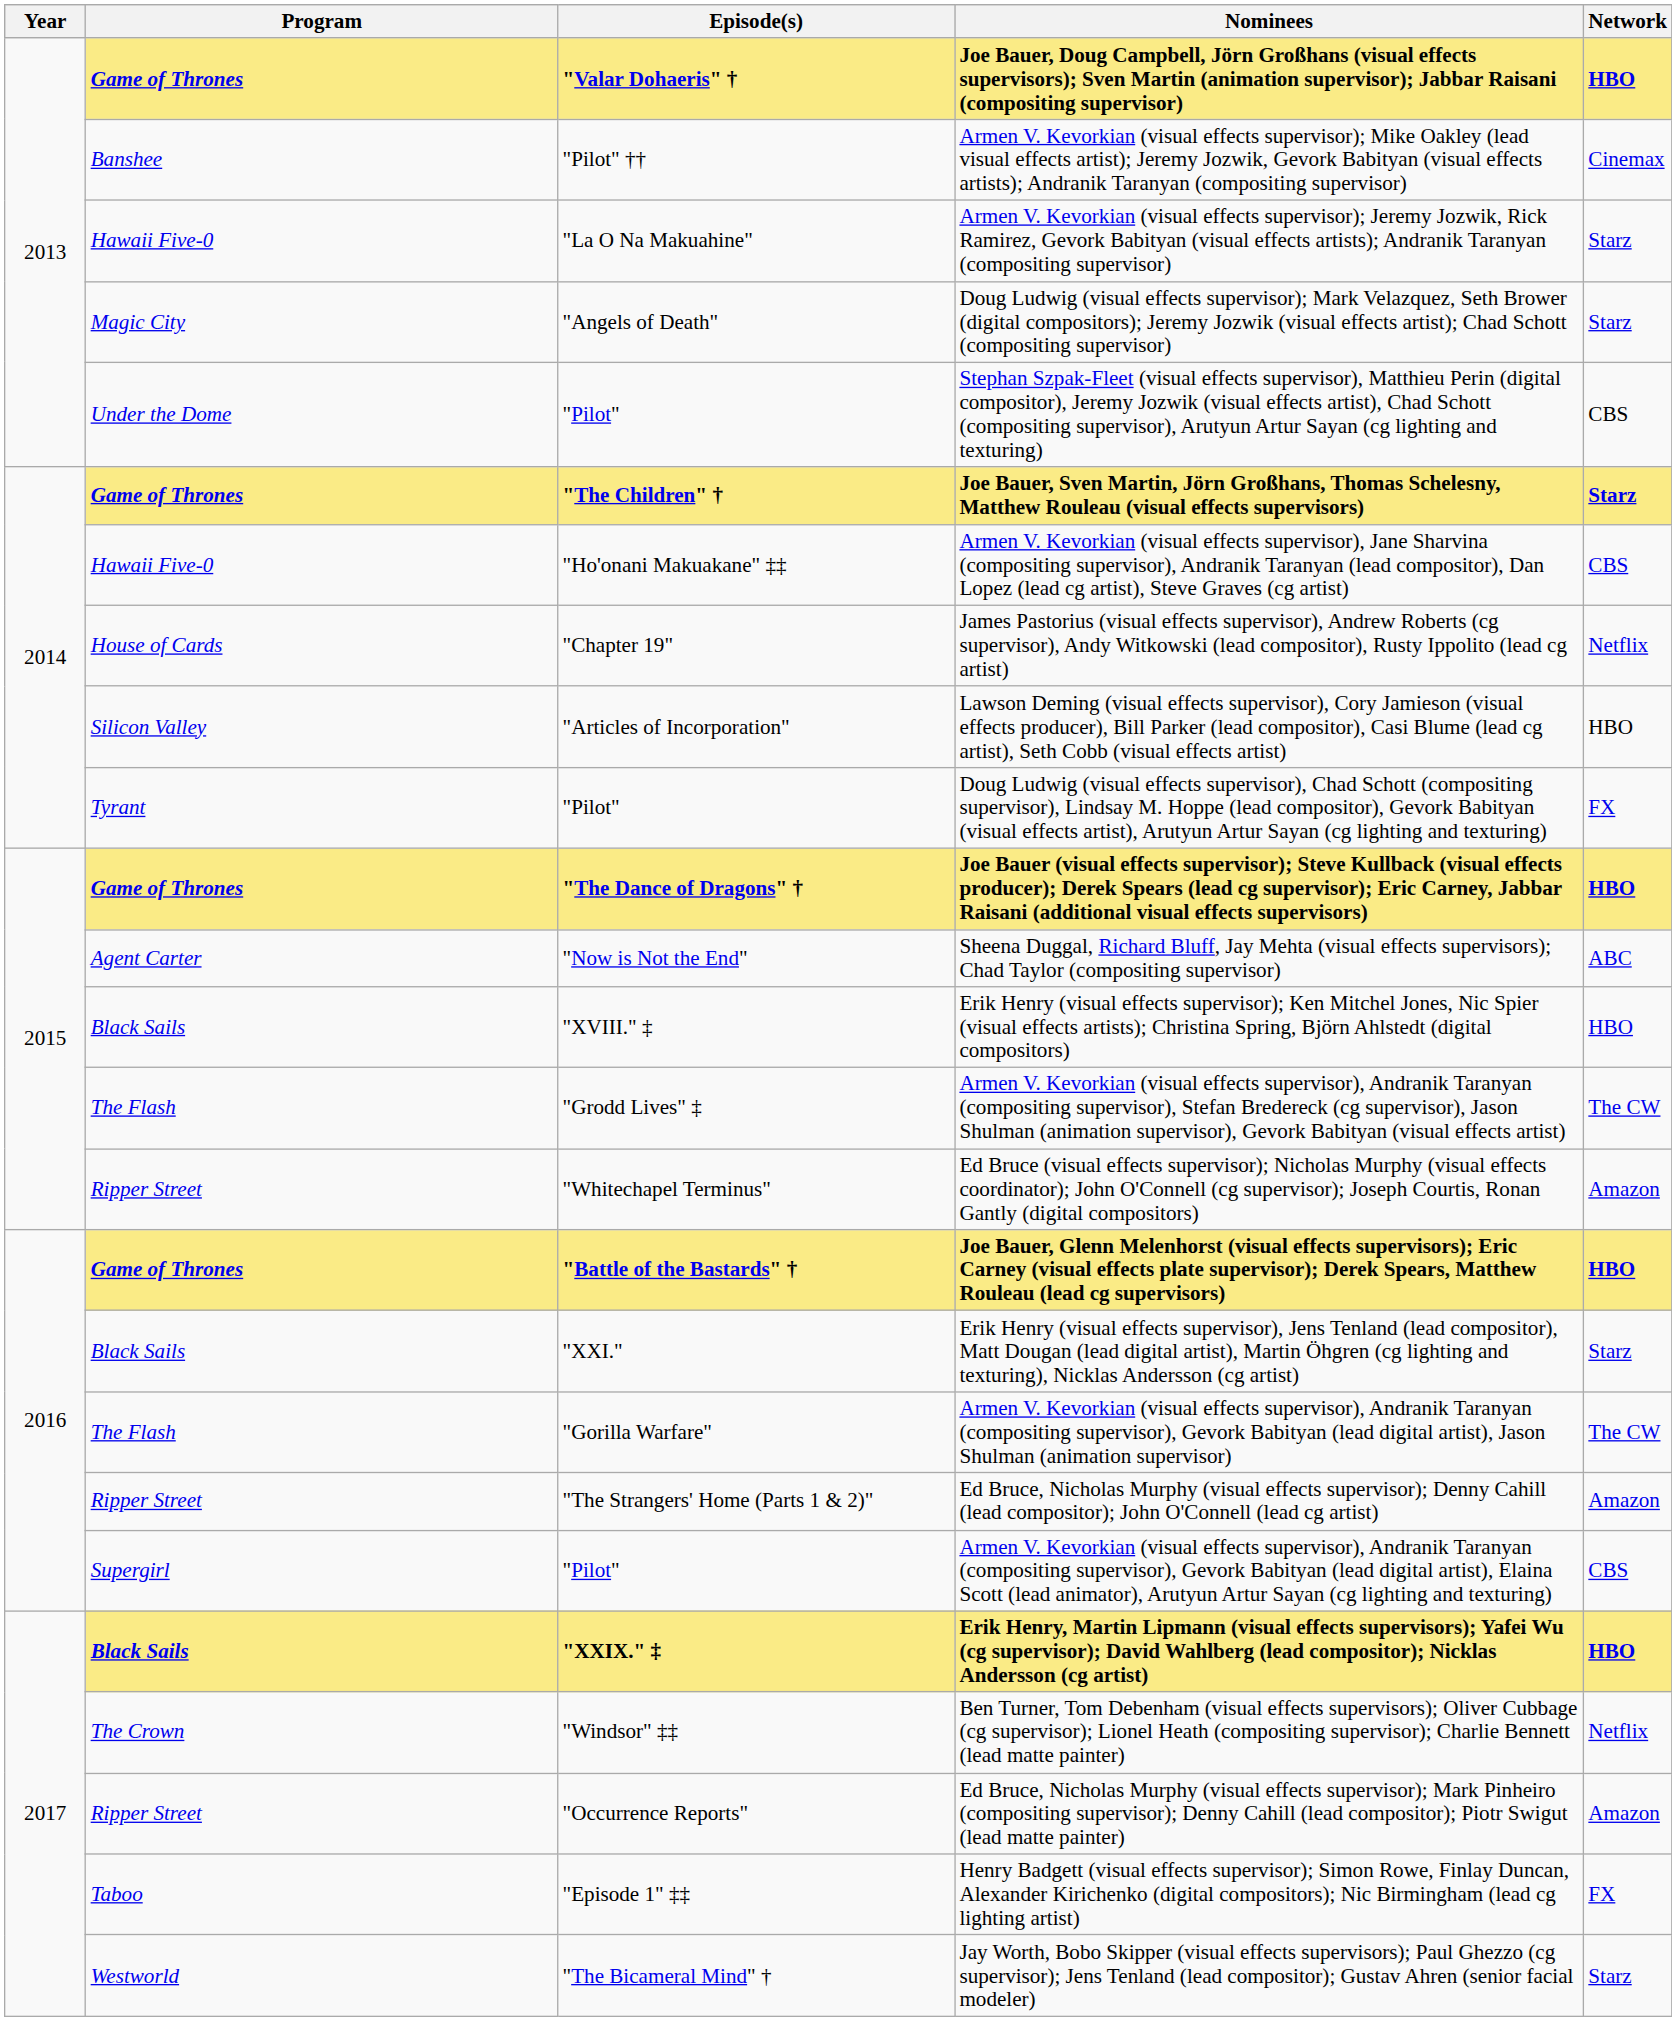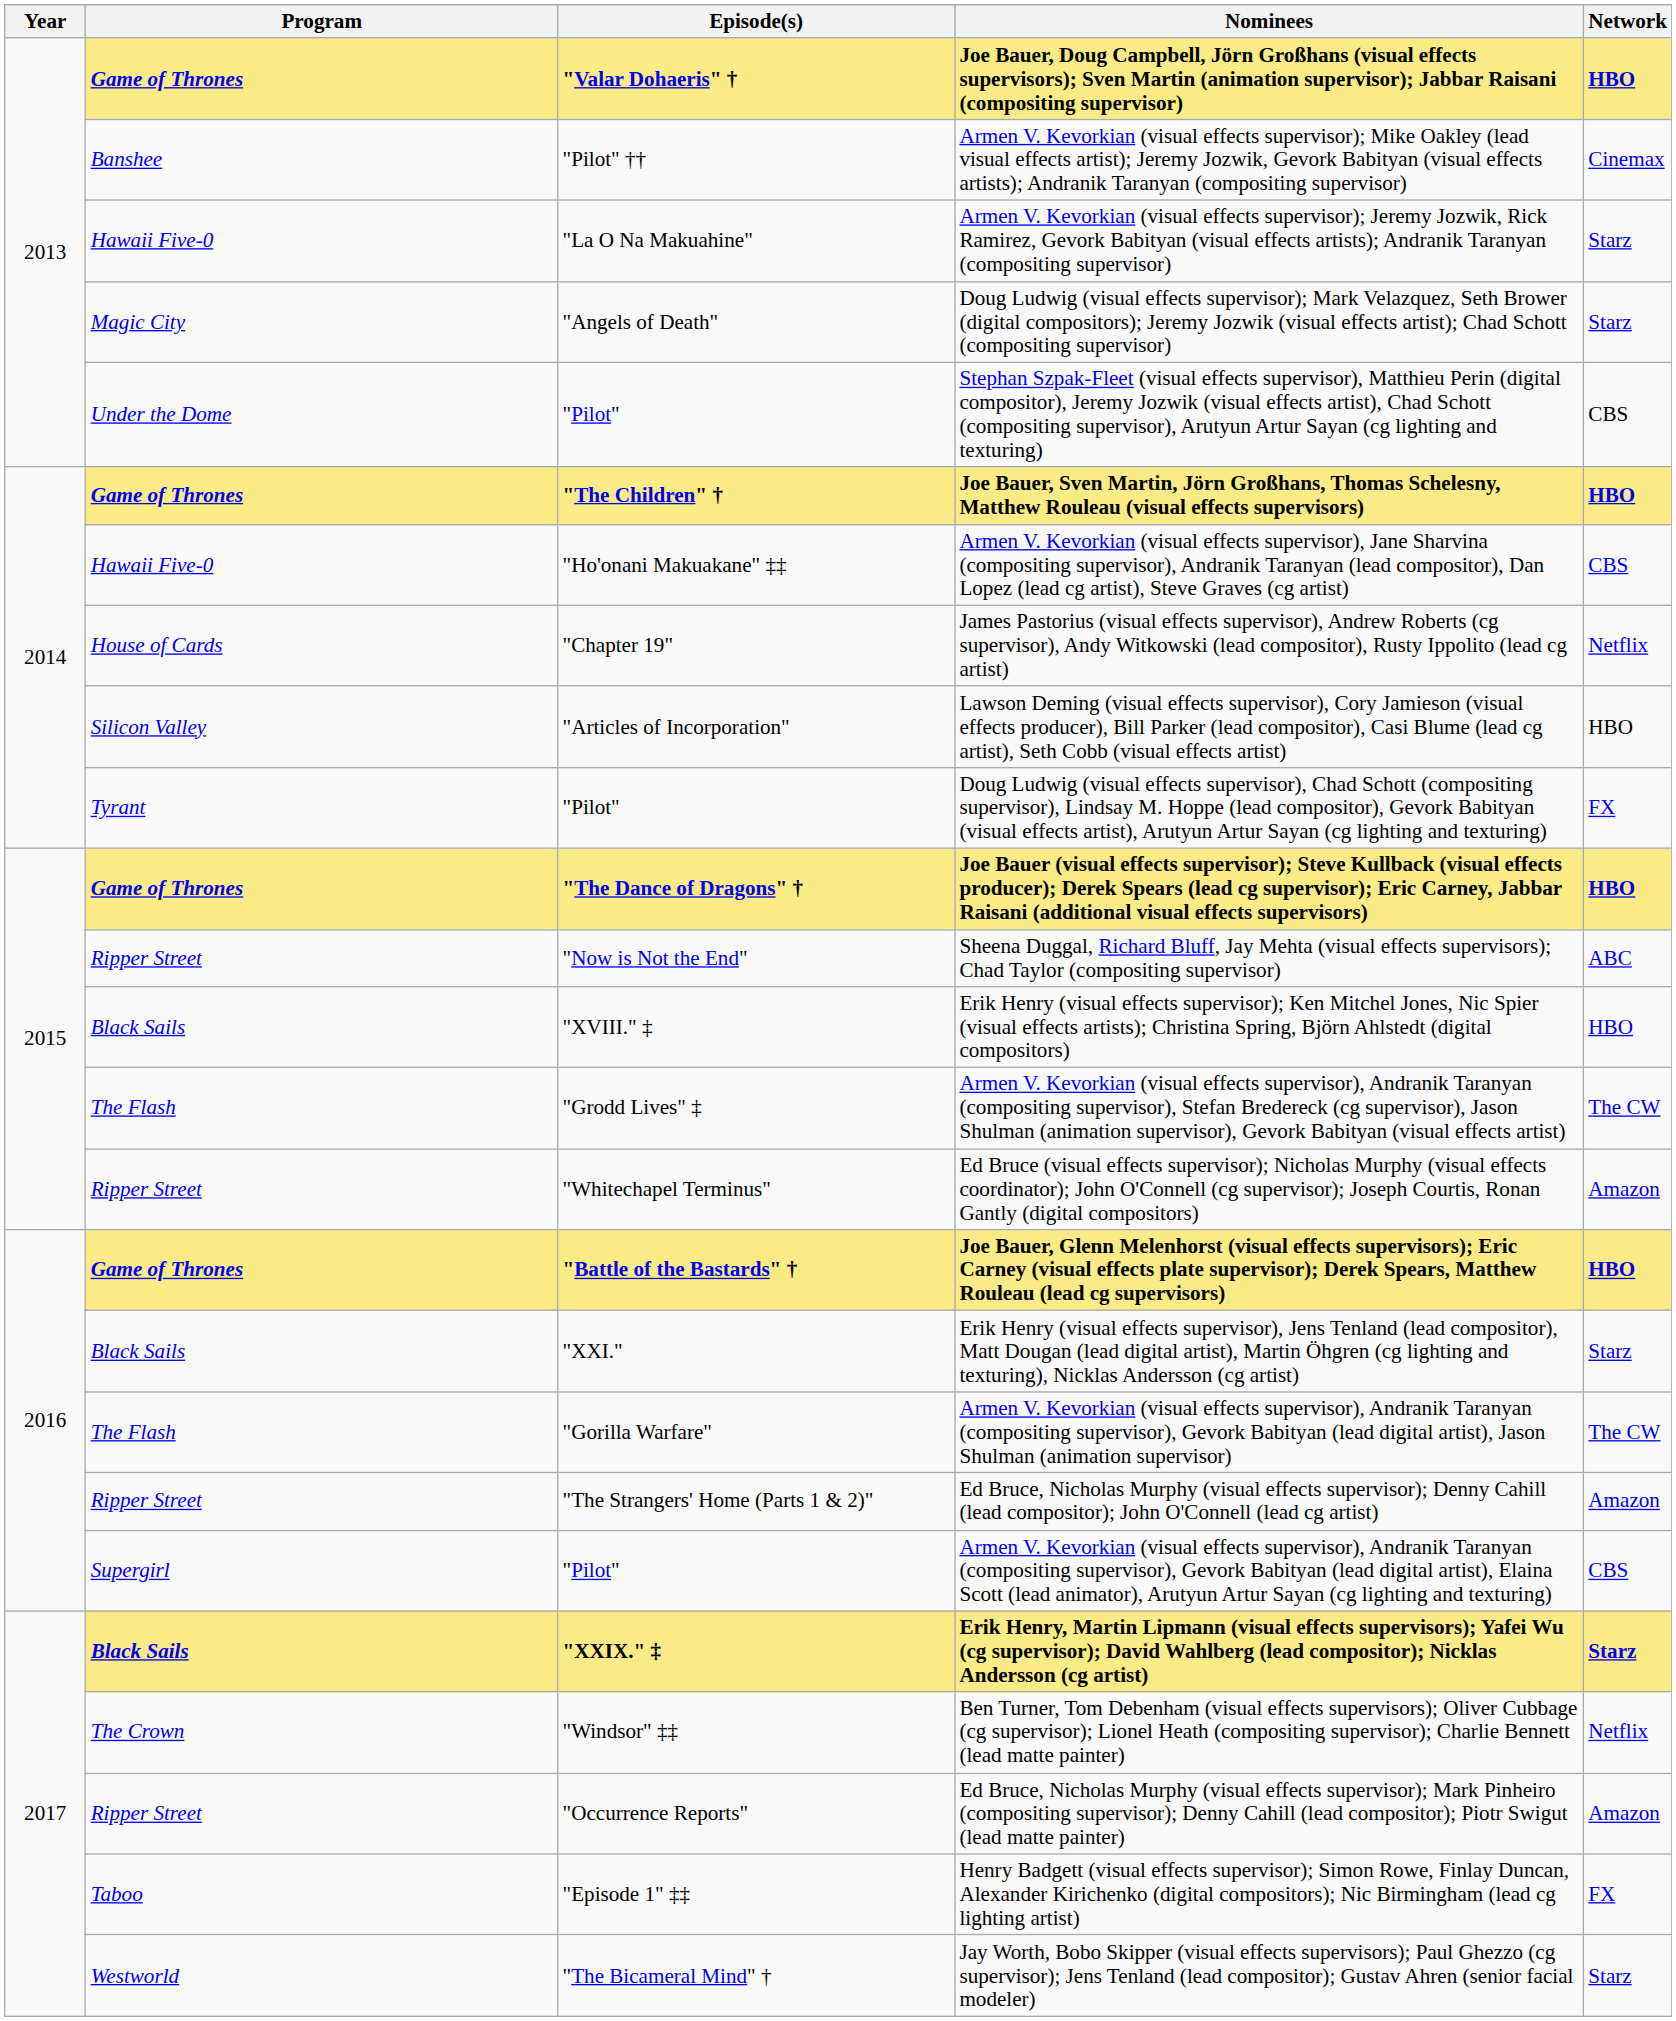 <table class="wikitable" style="width:100%">
 <tr bgcolor="#bebebe">
 <th width="5%">Year</th>
 <th width="30%">Program</th>
 <th width="25%">Episode(s)</th>
 <th width="40%">Nominees</th>
 <th width="5%">Network</th>
 </tr>
 <tr>
 <td rowspan=5 style="text-align:center">2013<br></td>
 <td style="background:#FAEB86;"><strong><em><a href='#'>Game of Thrones</a></em></strong></td>
 <td style="background:#FAEB86;"><strong>"<a href='#'>Valar Dohaeris</a>" †</strong></td>
 <td style="background:#FAEB86;"><strong>Joe Bauer, Doug Campbell, Jörn Großhans (visual effects supervisors); Sven Martin (animation supervisor); Jabbar Raisani (compositing supervisor)</strong></td>
 <td style="background:#FAEB86;"><strong><a href='#'>HBO</a></strong></td>
 </tr>
 <tr>
 <td><em><a href='#'>Banshee</a></em></td>
 <td>"Pilot" ††</td>
 <td><a href='#'>Armen V. Kevorkian</a> (visual effects supervisor); Mike Oakley (lead visual effects artist); Jeremy Jozwik, Gevork Babityan (visual effects artists); Andranik Taranyan (compositing supervisor)</td>
 <td><a href='#'>Cinemax</a></td>
 </tr>
 <tr>
 <td><em><a href='#'>Hawaii Five-0</a></em></td>
 <td>"La O Na Makuahine"</td>
 <td><a href='#'>Armen V. Kevorkian</a> (visual effects supervisor); Jeremy Jozwik, Rick Ramirez, Gevork Babityan (visual effects artists); Andranik Taranyan (compositing supervisor)</td>
 <td><a href='#'>Starz</a></td>
 </tr>
 <tr>
 <td><em><a href='#'>Magic City</a></em></td>
 <td>"Angels of Death"</td>
 <td>Doug Ludwig (visual effects supervisor); Mark Velazquez, Seth Brower (digital compositors); Jeremy Jozwik (visual effects artist); Chad Schott (compositing supervisor)</td>
 <td><a href='#'>Starz</a></td>
 </tr>
 <tr>
 <td><em><a href='#'>Under the Dome</a></em></td>
 <td>"<a href='#'>Pilot</a>"</td>
 <td><a href='#'>Stephan Szpak-Fleet</a> (visual effects supervisor), Matthieu Perin (digital compositor), Jeremy Jozwik (visual effects artist), Chad Schott (compositing supervisor), Arutyun Artur Sayan (cg lighting and texturing)</td>
 <td>CBS</td>
 </tr>
 <tr>
 <td rowspan=5 style="text-align:center">2014<br></td>
 <td style="background:#FAEB86;"><strong><em><a href='#'>Game of Thrones</a></em></strong></td>
 <td style="background:#FAEB86;"><strong>"<a href='#'>The Children</a>" †</strong></td>
 <td style="background:#FAEB86;"><strong>Joe Bauer, Sven Martin, Jörn Großhans, Thomas Schelesny, Matthew Rouleau (visual effects supervisors)</strong></td>
-<td style="background:#FAEB86;"><strong><a href='#'>Starz</a></strong></td>
+<td style="background:#FAEB86;"><strong><a href='#'>HBO</a></strong></td>
 </tr>
 <tr>
 <td><em><a href='#'>Hawaii Five-0</a></em></td>
 <td>"Ho'onani Makuakane" ‡‡</td>
 <td><a href='#'>Armen V. Kevorkian</a> (visual effects supervisor), Jane Sharvina (compositing supervisor), Andranik Taranyan (lead compositor), Dan Lopez (lead cg artist), Steve Graves (cg artist)</td>
 <td><a href='#'>CBS</a></td>
 </tr>
 <tr>
 <td><em><a href='#'>House of Cards</a></em></td>
 <td>"Chapter 19"</td>
 <td>James Pastorius (visual effects supervisor), Andrew Roberts (cg supervisor), Andy Witkowski (lead compositor), Rusty Ippolito (lead cg artist)</td>
 <td><a href='#'>Netflix</a></td>
 </tr>
 <tr>
 <td><em><a href='#'>Silicon Valley</a></em></td>
 <td>"Articles of Incorporation"</td>
 <td>Lawson Deming (visual effects supervisor), Cory Jamieson (visual effects producer), Bill Parker (lead compositor), Casi Blume (lead cg artist), Seth Cobb (visual effects artist)</td>
 <td>HBO</td>
 </tr>
 <tr>
 <td><em><a href='#'>Tyrant</a></em></td>
 <td>"Pilot"</td>
 <td>Doug Ludwig (visual effects supervisor), Chad Schott (compositing supervisor), Lindsay M. Hoppe (lead compositor), Gevork Babityan (visual effects artist), Arutyun Artur Sayan (cg lighting and texturing)</td>
 <td><a href='#'>FX</a></td>
 </tr>
 <tr>
 <td rowspan=5 style="text-align:center">2015<br></td>
 <td style="background:#FAEB86;"><strong><em><a href='#'>Game of Thrones</a></em></strong></td>
 <td style="background:#FAEB86;"><strong>"<a href='#'>The Dance of Dragons</a>" †</strong></td>
 <td style="background:#FAEB86;"><strong>Joe Bauer (visual effects supervisor); Steve Kullback (visual effects producer); Derek Spears (lead cg supervisor); Eric Carney, Jabbar Raisani (additional visual effects supervisors)</strong></td>
 <td style="background:#FAEB86;"><strong><a href='#'>HBO</a></strong></td>
 </tr>
 <tr>
-<td><em><a href='#'>Agent Carter</a></em></td>
+<td><em><a href='#'>Ripper Street</a></em></td>
 <td>"<a href='#'>Now is Not the End</a>"</td>
 <td>Sheena Duggal, <a href='#'>Richard Bluff</a>, Jay Mehta (visual effects supervisors); Chad Taylor (compositing supervisor)</td>
 <td><a href='#'>ABC</a></td>
 </tr>
 <tr>
 <td><em><a href='#'>Black Sails</a></em></td>
 <td>"XVIII." ‡</td>
 <td>Erik Henry (visual effects supervisor); Ken Mitchel Jones, Nic Spier (visual effects artists); Christina Spring, Björn Ahlstedt (digital compositors)</td>
 <td><a href='#'>HBO</a></td>
 </tr>
 <tr>
 <td><em><a href='#'>The Flash</a></em></td>
 <td>"Grodd Lives" ‡</td>
 <td><a href='#'>Armen V. Kevorkian</a> (visual effects supervisor), Andranik Taranyan (compositing supervisor), Stefan Bredereck (cg supervisor), Jason Shulman (animation supervisor), Gevork Babityan (visual effects artist)</td>
 <td><a href='#'>The CW</a></td>
 </tr>
 <tr>
 <td><em><a href='#'>Ripper Street</a></em></td>
 <td>"Whitechapel Terminus"</td>
 <td>Ed Bruce (visual effects supervisor); Nicholas Murphy (visual effects coordinator); John O'Connell (cg supervisor); Joseph Courtis, Ronan Gantly (digital compositors)</td>
 <td><a href='#'>Amazon</a></td>
 </tr>
 <tr>
 <td rowspan=5 style="text-align:center">2016<br></td>
 <td style="background:#FAEB86;"><strong><em><a href='#'>Game of Thrones</a></em></strong></td>
 <td style="background:#FAEB86;"><strong>"<a href='#'>Battle of the Bastards</a>" †</strong></td>
 <td style="background:#FAEB86;"><strong>Joe Bauer, Glenn Melenhorst (visual effects supervisors); Eric Carney (visual effects plate supervisor); Derek Spears, Matthew Rouleau (lead cg supervisors)</strong></td>
 <td style="background:#FAEB86;"><strong><a href='#'>HBO</a></strong></td>
 </tr>
 <tr>
 <td><em><a href='#'>Black Sails</a></em></td>
 <td>"XXI."</td>
 <td>Erik Henry (visual effects supervisor), Jens Tenland (lead compositor), Matt Dougan (lead digital artist), Martin Öhgren (cg lighting and texturing), Nicklas Andersson (cg artist)</td>
 <td><a href='#'>Starz</a></td>
 </tr>
 <tr>
 <td><em><a href='#'>The Flash</a></em></td>
 <td>"Gorilla Warfare"</td>
 <td><a href='#'>Armen V. Kevorkian</a> (visual effects supervisor), Andranik Taranyan (compositing supervisor), Gevork Babityan (lead digital artist), Jason Shulman (animation supervisor)</td>
 <td><a href='#'>The CW</a></td>
 </tr>
 <tr>
 <td><em><a href='#'>Ripper Street</a></em></td>
 <td>"The Strangers' Home (Parts 1 & 2)"</td>
 <td>Ed Bruce, Nicholas Murphy (visual effects supervisor); Denny Cahill (lead compositor); John O'Connell (lead cg artist)</td>
 <td><a href='#'>Amazon</a></td>
 </tr>
 <tr>
 <td><em><a href='#'>Supergirl</a></em></td>
 <td>"<a href='#'>Pilot</a>"</td>
 <td><a href='#'>Armen V. Kevorkian</a> (visual effects supervisor), Andranik Taranyan (compositing supervisor), Gevork Babityan (lead digital artist), Elaina Scott (lead animator), Arutyun Artur Sayan (cg lighting and texturing)</td>
 <td><a href='#'>CBS</a></td>
 </tr>
 <tr>
 <td rowspan=5 style="text-align:center">2017<br></td>
 <td style="background:#FAEB86;"><strong><em><a href='#'>Black Sails</a></em></strong></td>
 <td style="background:#FAEB86;"><strong>"XXIX." ‡</strong></td>
 <td style="background:#FAEB86;"><strong>Erik Henry, Martin Lipmann (visual effects supervisors); Yafei Wu (cg supervisor); David Wahlberg (lead compositor); Nicklas Andersson (cg artist)</strong></td>
-<td style="background:#FAEB86;"><strong><a href='#'>HBO</a></strong></td>
+<td style="background:#FAEB86;"><strong><a href='#'>Starz</a></strong></td>
 </tr>
 <tr>
 <td><em><a href='#'>The Crown</a></em></td>
 <td>"Windsor" ‡‡</td>
 <td>Ben Turner, Tom Debenham (visual effects supervisors); Oliver Cubbage (cg supervisor); Lionel Heath (compositing supervisor); Charlie Bennett (lead matte painter)</td>
 <td><a href='#'>Netflix</a></td>
 </tr>
 <tr>
 <td><em><a href='#'>Ripper Street</a></em></td>
 <td>"Occurrence Reports"</td>
 <td>Ed Bruce, Nicholas Murphy (visual effects supervisor); Mark Pinheiro (compositing supervisor); Denny Cahill (lead compositor); Piotr Swigut (lead matte painter)</td>
 <td><a href='#'>Amazon</a></td>
 </tr>
 <tr>
 <td><em><a href='#'>Taboo</a></em></td>
 <td>"Episode 1" ‡‡</td>
 <td>Henry Badgett (visual effects supervisor); Simon Rowe, Finlay Duncan, Alexander Kirichenko (digital compositors); Nic Birmingham (lead cg lighting artist)</td>
 <td><a href='#'>FX</a></td>
 </tr>
 <tr>
 <td><em><a href='#'>Westworld</a></em></td>
 <td>"<a href='#'>The Bicameral Mind</a>" †</td>
 <td>Jay Worth, Bobo Skipper (visual effects supervisors); Paul Ghezzo (cg supervisor); Jens Tenland (lead compositor); Gustav Ahren (senior facial modeler)</td>
 <td><a href='#'>Starz</a></td>
 </tr>
 </table>
